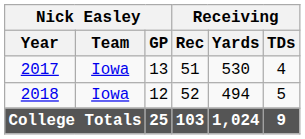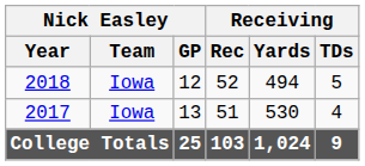 <table class="wikitable" style="text-align:center;">
 <tr>
 <th colspan=3>Nick Easley</th>
 <th colspan=3>Receiving</th>
 </tr>
 <tr>
 <th>Year</th>
 <th>Team</th>
 <th>GP</th>
 <th>Rec</th>
 <th>Yards</th>
 <th>TDs</th>
 </tr>
 <tr>
+<td><a href='#'>2018</a></td>
+<td><a href='#'>Iowa</a></td>
+<td>12</td>
+<td>52</td>
+<td>494</td>
+<td>5</td>
+</tr>
+<tr>
 <td><a href='#'>2017</a></td>
 <td><a href='#'>Iowa</a></td>
 <td>13</td>
 <td>51</td>
 <td>530</td>
 <td>4</td>
-</tr>
-<tr>
-<td><a href='#'>2018</a></td>
-<td><a href='#'>Iowa</a></td>
-<td>12</td>
-<td>52</td>
-<td>494</td>
-<td>5</td>
 </tr>
 <tr style="background:#555; font-weight:bold; color:white;">
 <td colspan=2>College Totals</td>
 <td>25</td>
 <td>103</td>
 <td>1,024</td>
 <td>9</td>
 </tr>
 </table>
